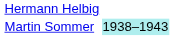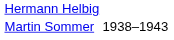 <table>
 <tr>
 <td><a href='#'>Hermann Helbig</a></td>
 </tr>
 <tr>
 <td><a href='#'>Martin Sommer</a></td>
-<td style="background: paleturquoise;">1938–1943</td>
+<td>1938–1943</td>
 </tr>
 </table>
